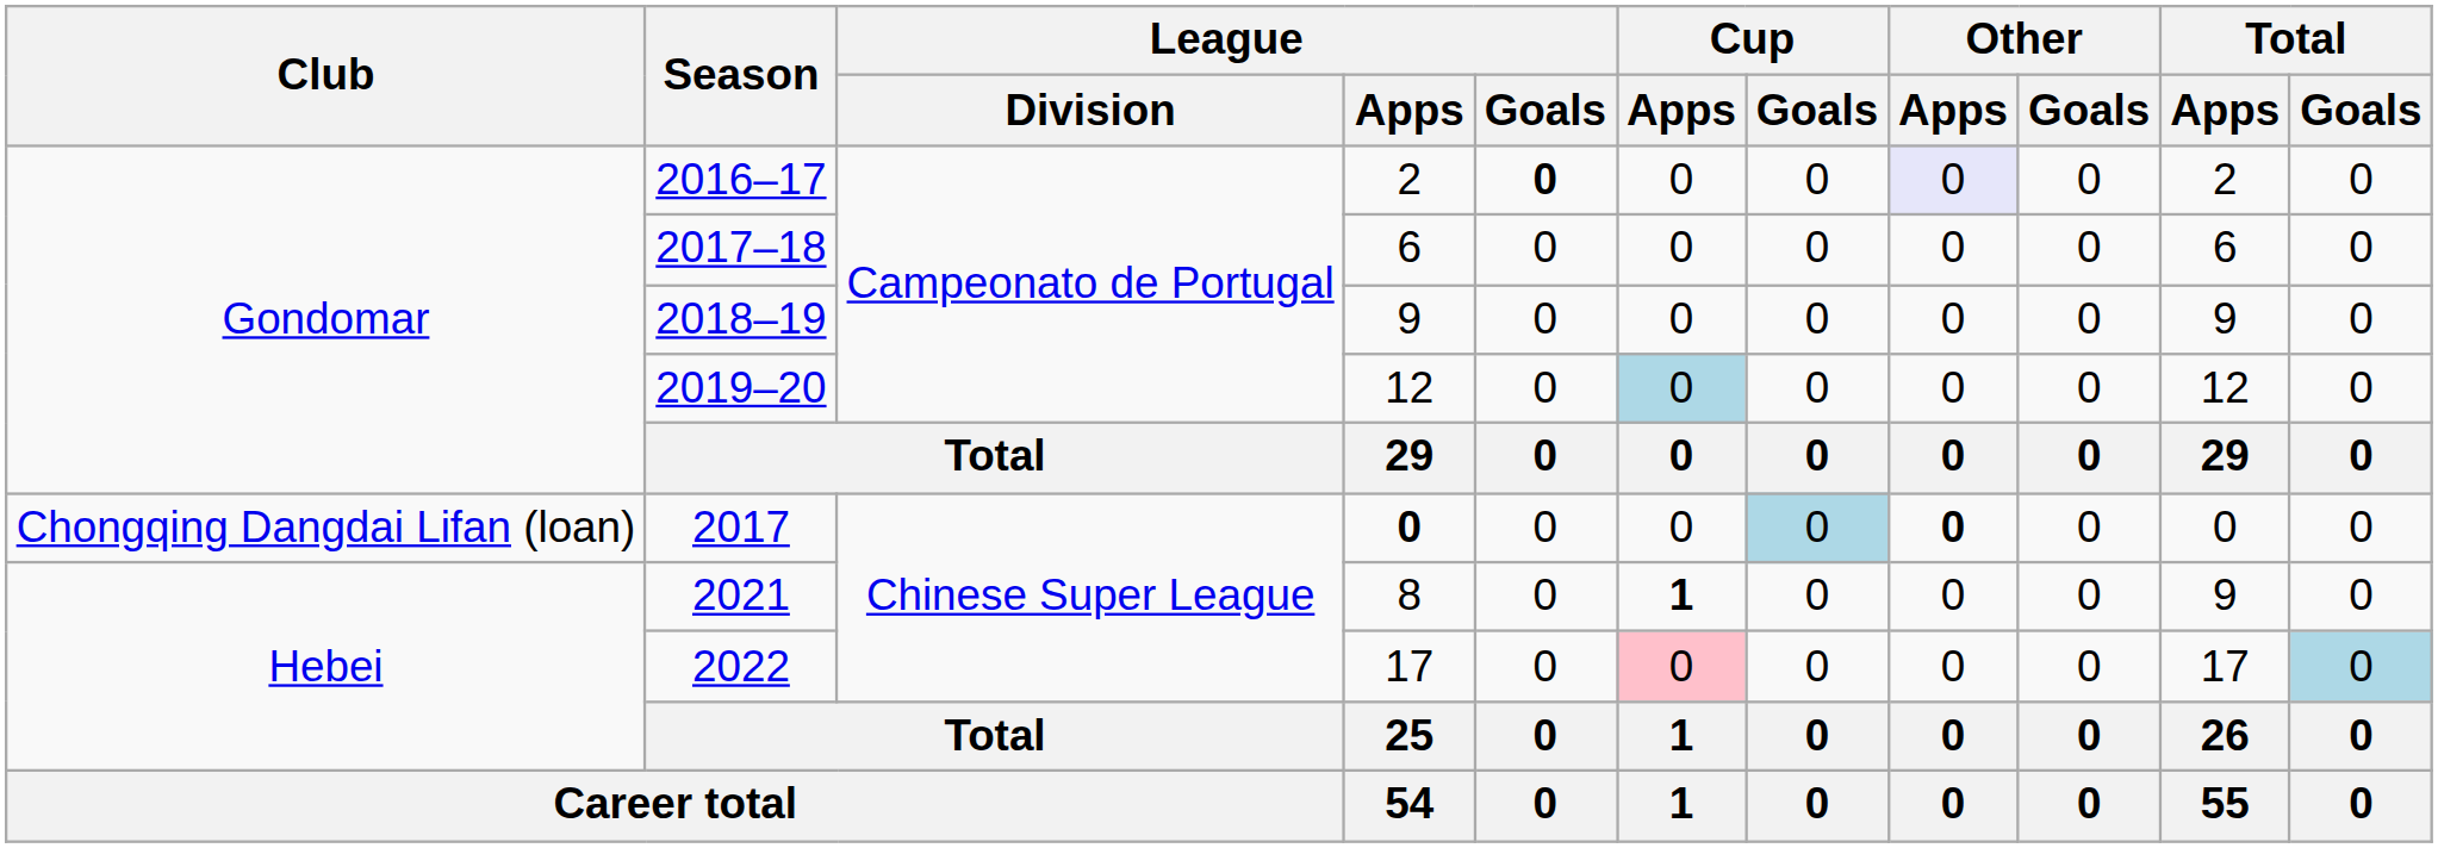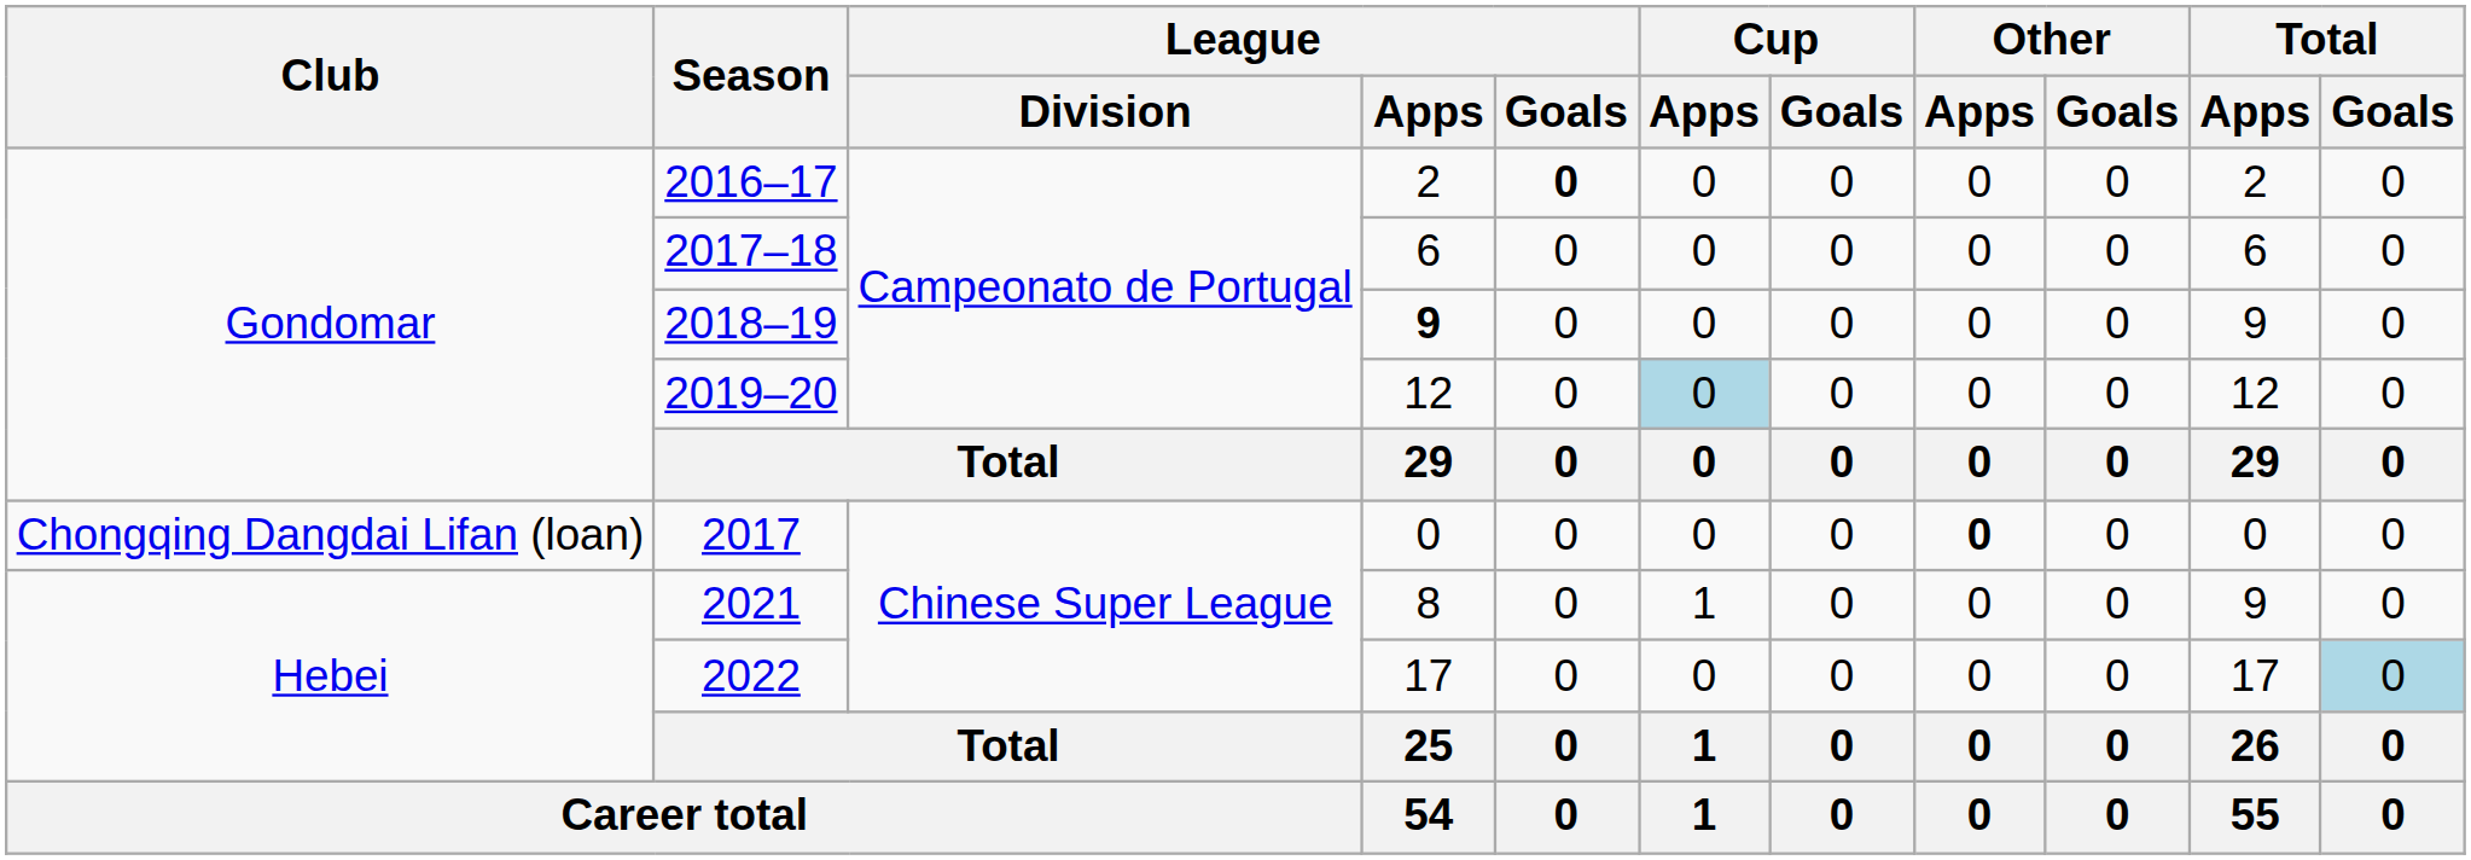 <table class="wikitable" style="text-align: center">
 <tr>
 <th rowspan="2">Club</th>
 <th rowspan="2">Season</th>
 <th colspan="3">League</th>
 <th colspan="2">Cup</th>
 <th colspan="2">Other</th>
 <th colspan="2">Total</th>
 </tr>
 <tr>
 <th>Division</th>
 <th>Apps</th>
 <th>Goals</th>
 <th>Apps</th>
 <th>Goals</th>
 <th>Apps</th>
 <th>Goals</th>
 <th>Apps</th>
 <th>Goals</th>
 </tr>
 <tr>
 <td rowspan="5"><a href='#'>Gondomar</a></td>
 <td><a href='#'>2016–17</a></td>
 <td rowspan="4"><a href='#'>Campeonato de Portugal</a></td>
 <td>2</td>
 <td><strong>0</strong></td>
 <td>0</td>
 <td>0</td>
-<td style="background: lavender;">0</td>
+<td>0</td>
 <td>0</td>
 <td>2</td>
 <td>0</td>
 </tr>
 <tr>
 <td><a href='#'>2017–18</a></td>
 <td>6</td>
 <td>0</td>
 <td>0</td>
 <td>0</td>
 <td>0</td>
 <td>0</td>
 <td>6</td>
 <td>0</td>
 </tr>
 <tr>
 <td><a href='#'>2018–19</a></td>
-<td>9</td>
+<td><strong>9</strong></td>
 <td>0</td>
 <td>0</td>
 <td>0</td>
 <td>0</td>
 <td>0</td>
 <td>9</td>
 <td>0</td>
 </tr>
 <tr>
 <td><a href='#'>2019–20</a></td>
 <td>12</td>
 <td>0</td>
 <td style="background: lightblue;">0</td>
 <td>0</td>
 <td>0</td>
 <td>0</td>
 <td>12</td>
 <td>0</td>
 </tr>
 <tr>
 <th colspan=2>Total</th>
 <th>29</th>
 <th>0</th>
 <th>0</th>
 <th>0</th>
 <th>0</th>
 <th>0</th>
 <th>29</th>
 <th>0</th>
 </tr>
 <tr>
 <td><a href='#'>Chongqing Dangdai Lifan</a> (loan)</td>
 <td><a href='#'>2017</a></td>
 <td rowspan="3"><a href='#'>Chinese Super League</a></td>
-<td><strong>0</strong></td>
 <td>0</td>
 <td>0</td>
-<td style="background: lightblue;">0</td>
+<td>0</td>
+<td>0</td>
 <td><strong>0</strong></td>
 <td>0</td>
 <td>0</td>
 <td>0</td>
 </tr>
 <tr>
 <td rowspan="3"><a href='#'>Hebei</a></td>
 <td><a href='#'>2021</a></td>
 <td>8</td>
 <td>0</td>
-<td><strong>1</strong></td>
+<td>1</td>
 <td>0</td>
 <td>0</td>
 <td>0</td>
 <td>9</td>
 <td>0</td>
 </tr>
 <tr>
 <td><a href='#'>2022</a></td>
 <td>17</td>
 <td>0</td>
-<td style="background: pink;">0</td>
+<td>0</td>
 <td>0</td>
 <td>0</td>
 <td>0</td>
 <td>17</td>
 <td style="background: lightblue;">0</td>
 </tr>
 <tr>
 <th colspan=2>Total</th>
 <th>25</th>
 <th>0</th>
 <th>1</th>
 <th>0</th>
 <th>0</th>
 <th>0</th>
 <th>26</th>
 <th>0</th>
 </tr>
 <tr>
 <th colspan=3>Career total</th>
 <th>54</th>
 <th>0</th>
 <th>1</th>
 <th>0</th>
 <th>0</th>
 <th>0</th>
 <th>55</th>
 <th>0</th>
 </tr>
 </table>
